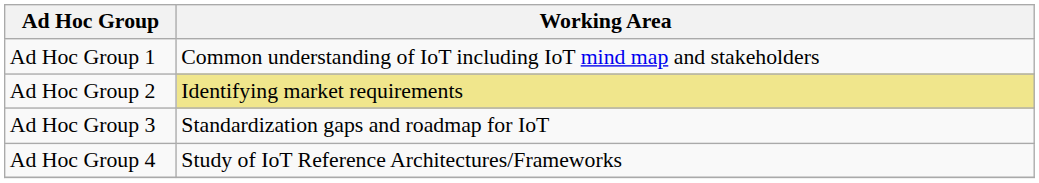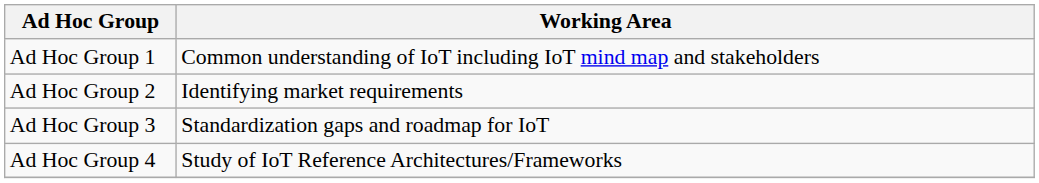 <table class="wikitable" width="60%">
 <tr>
 <th width="10%">Ad Hoc Group</th>
 <th width="50%">Working Area</th>
 </tr>
 <tr>
 <td>Ad Hoc Group 1</td>
 <td>Common understanding of IoT including IoT <a href='#'>mind map</a> and stakeholders</td>
 </tr>
 <tr>
 <td>Ad Hoc Group 2</td>
-<td style="background: khaki;">Identifying market requirements</td>
+<td>Identifying market requirements</td>
 </tr>
 <tr>
 <td>Ad Hoc Group 3</td>
 <td>Standardization gaps and roadmap for IoT</td>
 </tr>
 <tr>
 <td>Ad Hoc Group 4</td>
 <td>Study of IoT Reference Architectures/Frameworks</td>
 </tr>
 <tr>
 </tr>
 </table>
